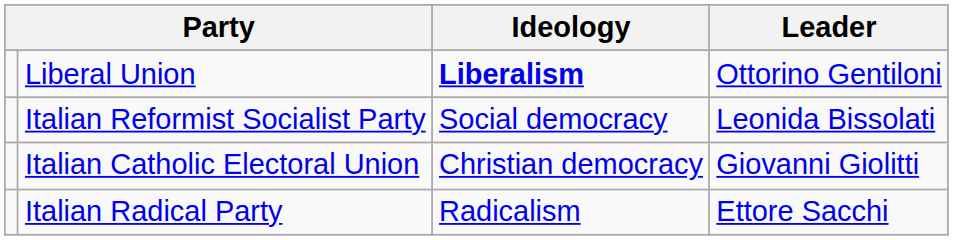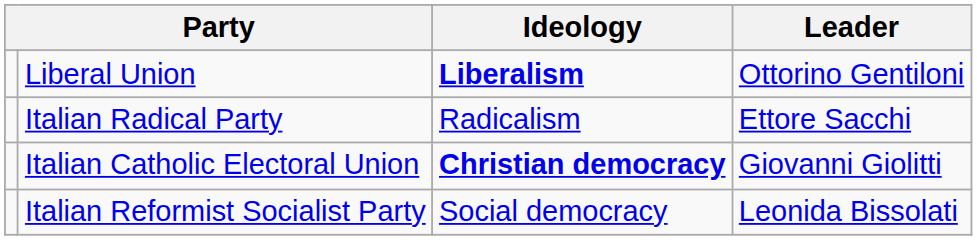 <table class=wikitable style="font-size:100%">
 <tr>
 <th colspan=2>Party</th>
 <th>Ideology</th>
 <th>Leader</th>
 </tr>
 <tr>
 <td style="color:inherit;background:"></td>
 <td><a href='#'>Liberal Union</a></td>
 <td><strong><a href='#'>Liberalism</a></strong></td>
 <td><a href='#'>Ottorino Gentiloni</a></td>
 </tr>
 <tr>
 <td style="color:inherit;background:"></td>
+<td><a href='#'>Italian Radical Party</a></td>
+<td><a href='#'>Radicalism</a></td>
+<td><a href='#'>Ettore Sacchi</a></td>
+</tr>
+<tr>
+<td style="color:inherit;background:"></td>
+<td><a href='#'>Italian Catholic Electoral Union</a></td>
+<td><strong><a href='#'>Christian democracy</a></strong></td>
+<td><a href='#'>Giovanni Giolitti</a></td>
+</tr>
+<tr>
+<td style="color:inherit;background:"></td>
 <td><a href='#'>Italian Reformist Socialist Party</a></td>
 <td><a href='#'>Social democracy</a></td>
 <td><a href='#'>Leonida Bissolati</a></td>
 </tr>
-<tr>
-<td style="color:inherit;background:"></td>
-<td><a href='#'>Italian Catholic Electoral Union</a></td>
-<td><a href='#'>Christian democracy</a></td>
-<td><a href='#'>Giovanni Giolitti</a></td>
-</tr>
-<tr>
-<td style="color:inherit;background:"></td>
-<td><a href='#'>Italian Radical Party</a></td>
-<td><a href='#'>Radicalism</a></td>
-<td><a href='#'>Ettore Sacchi</a></td>
-</tr>
 </table>
